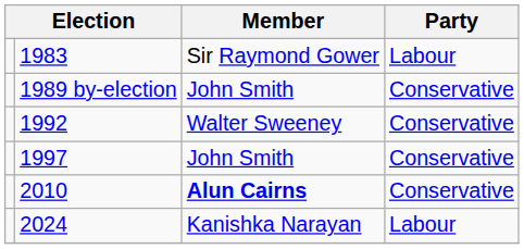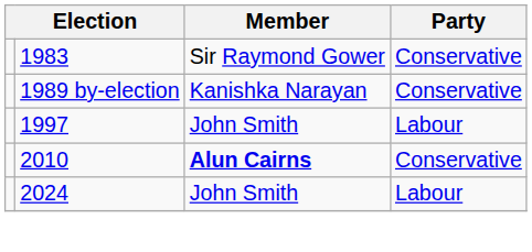 <table class="wikitable">
 <tr>
 <th colspan="2">Election</th>
 <th>Member</th>
 <th>Party</th>
 </tr>
 <tr>
 <td style="color:inherit;background-color: "></td>
 <td><a href='#'>1983</a></td>
 <td>Sir <a href='#'>Raymond Gower</a></td>
-<td><a href='#'>Labour</a></td>
+<td><a href='#'>Conservative</a></td>
 </tr>
 <tr>
 <td style="color:inherit;background-color: "></td>
 <td><a href='#'>1989 by-election</a></td>
-<td><a href='#'>John Smith</a></td>
-<td><a href='#'>Conservative</a></td>
-</tr>
-<tr>
-<td style="color:inherit;background-color: "></td>
-<td><a href='#'>1992</a></td>
-<td><a href='#'>Walter Sweeney</a></td>
+<td><a href='#'>Kanishka Narayan</a></td>
 <td><a href='#'>Conservative</a></td>
 </tr>
 <tr>
 <td style="color:inherit;background-color: "></td>
 <td><a href='#'>1997</a></td>
 <td><a href='#'>John Smith</a></td>
-<td><a href='#'>Conservative</a></td>
+<td><a href='#'>Labour</a></td>
 </tr>
 <tr>
 <td style="color:inherit;background-color: "></td>
 <td><a href='#'>2010</a></td>
 <td><strong><a href='#'>Alun Cairns</a></strong></td>
 <td><a href='#'>Conservative</a></td>
 </tr>
 <tr>
 <td style="color:inherit;background-color: "></td>
 <td><a href='#'>2024</a></td>
-<td><a href='#'>Kanishka Narayan</a></td>
+<td><a href='#'>John Smith</a></td>
 <td><a href='#'>Labour</a></td>
 </tr>
 <tr>
 </tr>
 </table>
